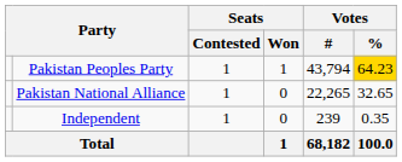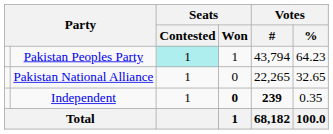 <table class="wikitable" style="text-align: center">
 <tr>
 <th colspan="2" rowspan="2">Party</th>
 <th colspan="2">Seats</th>
 <th colspan="2">Votes</th>
 </tr>
 <tr>
 <th>Contested</th>
 <th>Won</th>
 <th>#</th>
 <th>%</th>
 </tr>
 <tr>
 <td style="color:inherit;background:"></td>
 <td><a href='#'>Pakistan Peoples Party</a></td>
-<td>1</td>
+<td style="background: paleturquoise;">1</td>
 <td>1</td>
 <td>43,794</td>
-<td style="background: gold;">64.23</td>
+<td>64.23</td>
 </tr>
 <tr>
 <td style="color:inherit;background:"></td>
 <td><a href='#'>Pakistan National Alliance</a></td>
 <td>1</td>
 <td>0</td>
 <td>22,265</td>
 <td>32.65</td>
 </tr>
 <tr>
 <td style="color:inherit;background:"></td>
 <td><a href='#'>Independent</a></td>
 <td>1</td>
-<td>0</td>
-<td>239</td>
+<td><strong>0</strong></td>
+<td><strong>239</strong></td>
 <td>0.35</td>
 </tr>
 <tr>
 <th colspan="2">Total</th>
 <th></th>
 <th>1</th>
 <th>68,182</th>
 <th>100.0</th>
 </tr>
 </table>
